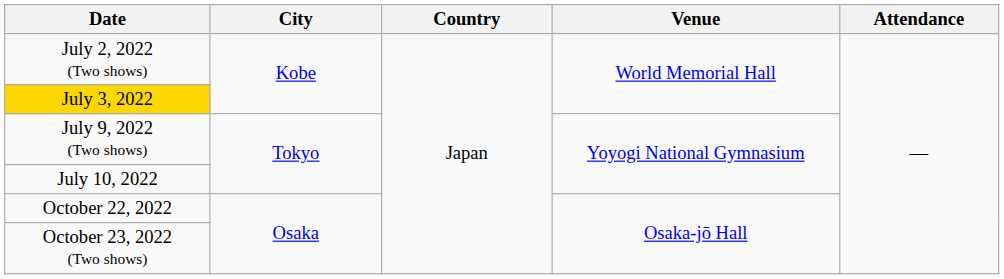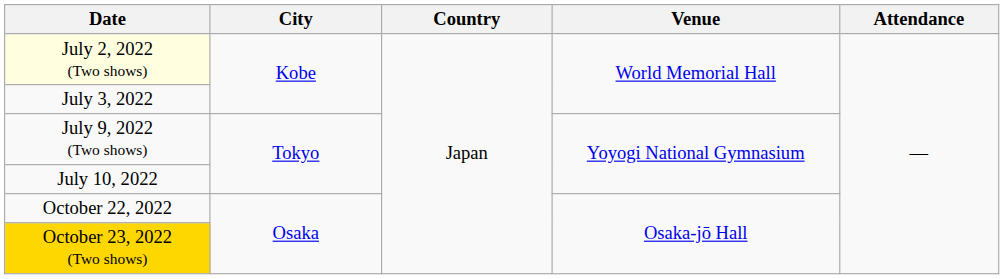 <table class="wikitable" style="text-align:center;">
 <tr>
 <th width="170">Date</th>
 <th width="140">City</th>
 <th width="140">Country</th>
 <th width="240">Venue</th>
 <th width="130">Attendance</th>
 </tr>
 <tr>
-<td>July 2, 2022<br><small>(Two shows)</small></td>
+<td style="background: lightyellow;">July 2, 2022<br><small>(Two shows)</small></td>
 <td rowspan="2"><a href='#'>Kobe</a></td>
 <td rowspan="6">Japan</td>
 <td rowspan="2"><a href='#'>World Memorial Hall</a></td>
 <td rowspan="6">—</td>
 </tr>
 <tr>
-<td style="background: gold;">July 3, 2022</td>
+<td>July 3, 2022</td>
 </tr>
 <tr>
 <td>July 9, 2022<br><small>(Two shows)</small></td>
 <td rowspan="2"><a href='#'>Tokyo</a></td>
 <td rowspan="2"><a href='#'>Yoyogi National Gymnasium</a></td>
 </tr>
 <tr>
 <td>July 10, 2022</td>
 </tr>
 <tr>
 <td>October 22, 2022</td>
 <td rowspan="2"><a href='#'>Osaka</a></td>
 <td rowspan="2"><a href='#'>Osaka-jō Hall</a></td>
 </tr>
 <tr>
-<td>October 23, 2022<br><small>(Two shows)</small></td>
+<td style="background: gold;">October 23, 2022<br><small>(Two shows)</small></td>
 </tr>
 </table>
